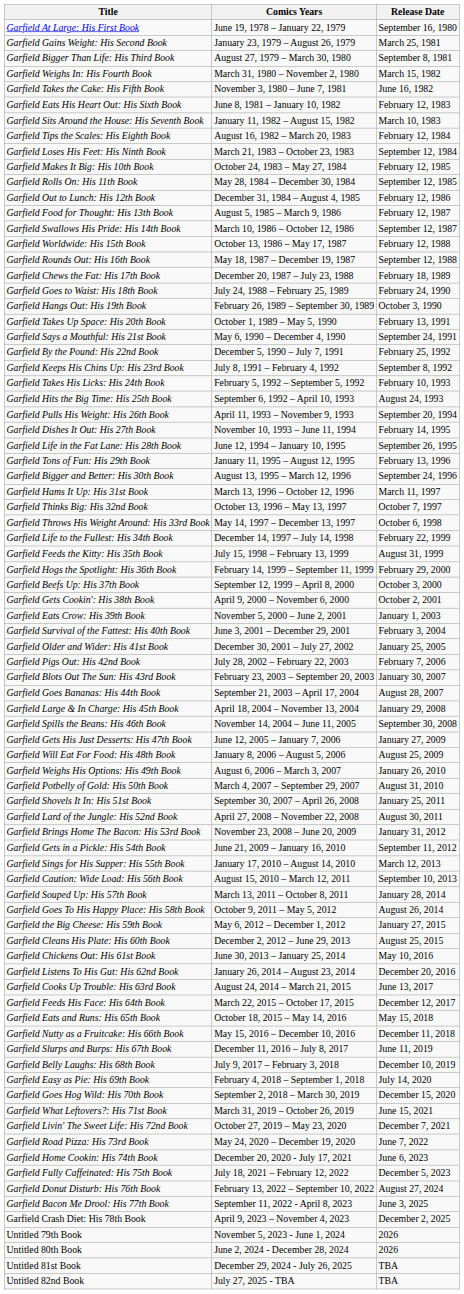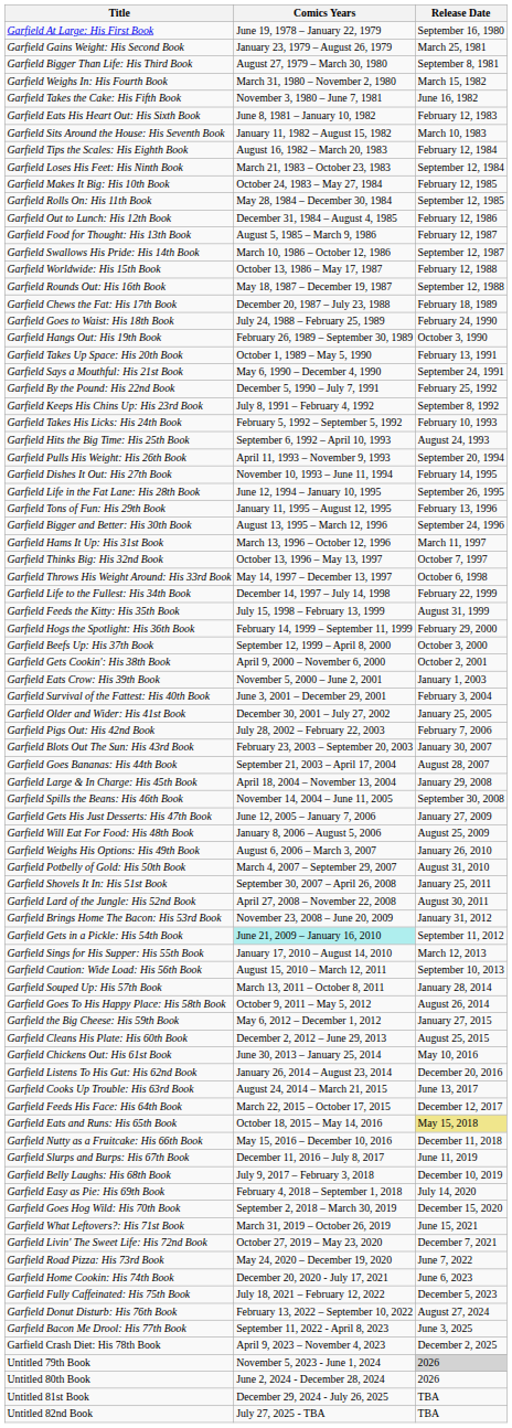 <table class="wikitable sortable">
 <tr>
 <th>Title</th>
 <th>Comics Years</th>
 <th>Release Date</th>
 </tr>
 <tr>
 <td><em><a href='#'>Garfield At Large: His First Book</a></em></td>
 <td>June 19, 1978 – January 22, 1979</td>
 <td>September 16, 1980</td>
 </tr>
 <tr>
 <td><em>Garfield Gains Weight: His Second Book</em></td>
 <td>January 23, 1979 – August 26, 1979</td>
 <td>March 25, 1981</td>
 </tr>
 <tr>
 <td><em>Garfield Bigger Than Life: His Third Book</em></td>
 <td>August 27, 1979 – March 30, 1980</td>
 <td>September 8, 1981</td>
 </tr>
 <tr>
 <td><em>Garfield Weighs In: His Fourth Book</em></td>
 <td>March 31, 1980 – November 2, 1980</td>
 <td>March 15, 1982</td>
 </tr>
 <tr>
 <td><em>Garfield Takes the Cake: His Fifth Book</em></td>
 <td>November 3, 1980 – June 7, 1981</td>
 <td>June 16, 1982</td>
 </tr>
 <tr>
 <td><em>Garfield Eats His Heart Out: His Sixth Book</em></td>
 <td>June 8, 1981 – January 10, 1982</td>
 <td>February 12, 1983</td>
 </tr>
 <tr>
 <td><em>Garfield Sits Around the House: His Seventh Book</em></td>
 <td>January 11, 1982 – August 15, 1982</td>
 <td>March 10, 1983</td>
 </tr>
 <tr>
 <td><em>Garfield Tips the Scales: His Eighth Book</em></td>
 <td>August 16, 1982 – March 20, 1983</td>
 <td>February 12, 1984</td>
 </tr>
 <tr>
 <td><em>Garfield Loses His Feet: His Ninth Book</em></td>
 <td>March 21, 1983 – October 23, 1983</td>
 <td>September 12, 1984</td>
 </tr>
 <tr>
 <td><em>Garfield Makes It Big: His 10th Book</em></td>
 <td>October 24, 1983 – May 27, 1984</td>
 <td>February 12, 1985</td>
 </tr>
 <tr>
 <td><em>Garfield Rolls On: His 11th Book</em></td>
 <td>May 28, 1984 – December 30, 1984</td>
 <td>September 12, 1985</td>
 </tr>
 <tr>
 <td><em>Garfield Out to Lunch: His 12th Book</em></td>
 <td>December 31, 1984 – August 4, 1985</td>
 <td>February 12, 1986</td>
 </tr>
 <tr>
 <td><em>Garfield Food for Thought: His 13th Book</em></td>
 <td>August 5, 1985 – March 9, 1986</td>
 <td>February 12, 1987</td>
 </tr>
 <tr>
 <td><em>Garfield Swallows His Pride: His 14th Book</em></td>
 <td>March 10, 1986 – October 12, 1986</td>
 <td>September 12, 1987</td>
 </tr>
 <tr>
 <td><em>Garfield Worldwide: His 15th Book</em></td>
 <td>October 13, 1986 – May 17, 1987</td>
 <td>February 12, 1988</td>
 </tr>
 <tr>
 <td><em>Garfield Rounds Out: His 16th Book</em></td>
 <td>May 18, 1987 – December 19, 1987</td>
 <td>September 12, 1988</td>
 </tr>
 <tr>
 <td><em>Garfield Chews the Fat: His 17th Book</em></td>
 <td>December 20, 1987 – July 23, 1988</td>
 <td>February 18, 1989</td>
 </tr>
 <tr>
 <td><em>Garfield Goes to Waist: His 18th Book</em></td>
 <td>July 24, 1988 – February 25, 1989</td>
 <td>February 24, 1990</td>
 </tr>
 <tr>
 <td><em>Garfield Hangs Out: His 19th Book</em></td>
 <td>February 26, 1989 – September 30, 1989</td>
 <td>October 3, 1990</td>
 </tr>
 <tr>
 <td><em>Garfield Takes Up Space: His 20th Book</em></td>
 <td>October 1, 1989 – May 5, 1990</td>
 <td>February 13, 1991</td>
 </tr>
 <tr>
 <td><em>Garfield Says a Mouthful: His 21st Book</em></td>
 <td>May 6, 1990 – December 4, 1990</td>
 <td>September 24, 1991</td>
 </tr>
 <tr>
 <td><em>Garfield By the Pound: His 22nd Book</em></td>
 <td>December 5, 1990 – July 7, 1991</td>
 <td>February 25, 1992</td>
 </tr>
 <tr>
 <td><em>Garfield Keeps His Chins Up: His 23rd Book</em></td>
 <td>July 8, 1991 – February 4, 1992</td>
 <td>September 8, 1992</td>
 </tr>
 <tr>
 <td><em>Garfield Takes His Licks: His 24th Book</em></td>
 <td>February 5, 1992 – September 5, 1992</td>
 <td>February 10, 1993</td>
 </tr>
 <tr>
 <td><em>Garfield Hits the Big Time: His 25th Book</em></td>
 <td>September 6, 1992 – April 10, 1993</td>
 <td>August 24, 1993</td>
 </tr>
 <tr>
 <td><em>Garfield Pulls His Weight: His 26th Book</em></td>
 <td>April 11, 1993 – November 9, 1993</td>
 <td>September 20, 1994</td>
 </tr>
 <tr>
 <td><em>Garfield Dishes It Out: His 27th Book</em></td>
 <td>November 10, 1993 – June 11, 1994</td>
 <td>February 14, 1995</td>
 </tr>
 <tr>
 <td><em>Garfield Life in the Fat Lane: His 28th Book</em></td>
 <td>June 12, 1994 – January 10, 1995</td>
 <td>September 26, 1995</td>
 </tr>
 <tr>
 <td><em>Garfield Tons of Fun: His 29th Book</em></td>
 <td>January 11, 1995 – August 12, 1995</td>
 <td>February 13, 1996</td>
 </tr>
 <tr>
 <td><em>Garfield Bigger and Better: His 30th Book</em></td>
 <td>August 13, 1995 – March 12, 1996</td>
 <td>September 24, 1996</td>
 </tr>
 <tr>
 <td><em>Garfield Hams It Up: His 31st Book</em></td>
 <td>March 13, 1996 – October 12, 1996</td>
 <td>March 11, 1997</td>
 </tr>
 <tr>
 <td><em>Garfield Thinks Big: His 32nd Book</em></td>
 <td>October 13, 1996 – May 13, 1997</td>
 <td>October 7, 1997</td>
 </tr>
 <tr>
 <td><em>Garfield Throws His Weight Around: His 33rd Book</em></td>
 <td>May 14, 1997 – December 13, 1997</td>
 <td>October 6, 1998</td>
 </tr>
 <tr>
 <td><em>Garfield Life to the Fullest: His 34th Book</em></td>
 <td>December 14, 1997 – July 14, 1998</td>
 <td>February 22, 1999</td>
 </tr>
 <tr>
 <td><em>Garfield Feeds the Kitty: His 35th Book</em></td>
 <td>July 15, 1998 – February 13, 1999</td>
 <td>August 31, 1999</td>
 </tr>
 <tr>
 <td><em>Garfield Hogs the Spotlight: His 36th Book</em></td>
 <td>February 14, 1999 – September 11, 1999</td>
 <td>February 29, 2000</td>
 </tr>
 <tr>
 <td><em>Garfield Beefs Up: His 37th Book</em></td>
 <td>September 12, 1999 – April 8, 2000</td>
 <td>October 3, 2000</td>
 </tr>
 <tr>
 <td><em>Garfield Gets Cookin': His 38th Book</em></td>
 <td>April 9, 2000 – November 6, 2000</td>
 <td>October 2, 2001</td>
 </tr>
 <tr>
 <td><em>Garfield Eats Crow: His 39th Book</em></td>
 <td>November 5, 2000 – June 2, 2001</td>
 <td>January 1, 2003</td>
 </tr>
 <tr>
 <td><em>Garfield Survival of the Fattest: His 40th Book</em></td>
 <td>June 3, 2001 – December 29, 2001</td>
 <td>February 3, 2004</td>
 </tr>
 <tr>
 <td><em>Garfield Older and Wider: His 41st Book</em></td>
 <td>December 30, 2001 – July 27, 2002</td>
 <td>January 25, 2005</td>
 </tr>
 <tr>
 <td><em>Garfield Pigs Out: His 42nd Book</em></td>
 <td>July 28, 2002 – February 22, 2003</td>
 <td>February 7, 2006</td>
 </tr>
 <tr>
 <td><em>Garfield Blots Out The Sun: His 43rd Book</em></td>
 <td>February 23, 2003 – September 20, 2003</td>
 <td>January 30, 2007</td>
 </tr>
 <tr>
 <td><em>Garfield Goes Bananas: His 44th Book</em></td>
 <td>September 21, 2003 – April 17, 2004</td>
 <td>August 28, 2007</td>
 </tr>
 <tr>
 <td><em>Garfield Large & In Charge: His 45th Book</em></td>
 <td>April 18, 2004 – November 13, 2004</td>
 <td>January 29, 2008</td>
 </tr>
 <tr>
 <td><em>Garfield Spills the Beans: His 46th Book</em></td>
 <td>November 14, 2004 – June 11, 2005</td>
 <td>September 30, 2008</td>
 </tr>
 <tr>
 <td><em>Garfield Gets His Just Desserts: His 47th Book</em></td>
 <td>June 12, 2005 – January 7, 2006</td>
 <td>January 27, 2009</td>
 </tr>
 <tr>
 <td><em>Garfield Will Eat For Food: His 48th Book</em></td>
 <td>January 8, 2006 – August 5, 2006</td>
 <td>August 25, 2009</td>
 </tr>
 <tr>
 <td><em>Garfield Weighs His Options: His 49th Book</em></td>
 <td>August 6, 2006 – March 3, 2007</td>
 <td>January 26, 2010</td>
 </tr>
 <tr>
 <td><em>Garfield Potbelly of Gold: His 50th Book</em></td>
 <td>March 4, 2007 – September 29, 2007</td>
 <td>August 31, 2010</td>
 </tr>
 <tr>
 <td><em>Garfield Shovels It In: His 51st Book</em></td>
 <td>September 30, 2007 – April 26, 2008</td>
 <td>January 25, 2011</td>
 </tr>
 <tr>
 <td><em>Garfield Lard of the Jungle: His 52nd Book</em></td>
 <td>April 27, 2008 – November 22, 2008</td>
 <td>August 30, 2011</td>
 </tr>
 <tr>
 <td><em>Garfield Brings Home The Bacon: His 53rd Book</em></td>
 <td>November 23, 2008 – June 20, 2009</td>
 <td>January 31, 2012</td>
 </tr>
 <tr>
 <td><em>Garfield Gets in a Pickle: His 54th Book</em></td>
-<td>June 21, 2009 – January 16, 2010</td>
+<td style="background: paleturquoise;">June 21, 2009 – January 16, 2010</td>
 <td>September 11, 2012</td>
 </tr>
 <tr>
 <td><em>Garfield Sings for His Supper: His 55th Book</em></td>
 <td>January 17, 2010 – August 14, 2010</td>
 <td>March 12, 2013</td>
 </tr>
 <tr>
 <td><em>Garfield Caution: Wide Load: His 56th Book</em></td>
 <td>August 15, 2010 – March 12, 2011</td>
 <td>September 10, 2013</td>
 </tr>
 <tr>
 <td><em>Garfield Souped Up: His 57th Book</em></td>
 <td>March 13, 2011 – October 8, 2011</td>
 <td>January 28, 2014</td>
 </tr>
 <tr>
 <td><em>Garfield Goes To His Happy Place: His 58th Book</em></td>
 <td>October 9, 2011 – May 5, 2012</td>
 <td>August 26, 2014</td>
 </tr>
 <tr>
 <td><em>Garfield the Big Cheese: His 59th Book</em></td>
 <td>May 6, 2012 – December 1, 2012</td>
 <td>January 27, 2015</td>
 </tr>
 <tr>
 <td><em>Garfield Cleans His Plate: His 60th Book</em></td>
 <td>December 2, 2012 – June 29, 2013</td>
 <td>August 25, 2015</td>
 </tr>
 <tr>
 <td><em>Garfield Chickens Out: His 61st Book</em></td>
 <td>June 30, 2013 – January 25, 2014</td>
 <td>May 10, 2016</td>
 </tr>
 <tr>
 <td><em>Garfield Listens To His Gut: His 62nd Book</em></td>
 <td>January 26, 2014 – August 23, 2014</td>
 <td>December 20, 2016</td>
 </tr>
 <tr>
 <td><em>Garfield Cooks Up Trouble: His 63rd Book</em></td>
 <td>August 24, 2014 – March 21, 2015</td>
 <td>June 13, 2017</td>
 </tr>
 <tr>
 <td><em>Garfield Feeds His Face: His 64th Book</em></td>
 <td>March 22, 2015 – October 17, 2015</td>
 <td>December 12, 2017</td>
 </tr>
 <tr>
 <td><em>Garfield Eats and Runs: His 65th Book</em></td>
 <td>October 18, 2015 – May 14, 2016</td>
-<td>May 15, 2018</td>
+<td style="background: khaki;">May 15, 2018</td>
 </tr>
 <tr>
 <td><em>Garfield Nutty as a Fruitcake: His 66th Book</em></td>
 <td>May 15, 2016 – December 10, 2016</td>
 <td>December 11, 2018</td>
 </tr>
 <tr>
 <td><em>Garfield Slurps and Burps: His 67th Book</em></td>
 <td>December 11, 2016 – July 8, 2017</td>
 <td>June 11, 2019</td>
 </tr>
 <tr>
 <td><em>Garfield Belly Laughs: His 68th Book</em></td>
 <td>July 9, 2017 – February 3, 2018</td>
 <td>December 10, 2019</td>
 </tr>
 <tr>
 <td><em>Garfield Easy as Pie: His 69th Book</em></td>
 <td>February 4, 2018 – September 1, 2018</td>
 <td>July 14, 2020</td>
 </tr>
 <tr>
 <td><em>Garfield Goes Hog Wild: His 70th Book</em></td>
 <td>September 2, 2018 – March 30, 2019</td>
 <td>December 15, 2020</td>
 </tr>
 <tr>
 <td><em>Garfield What Leftovers?: His 71st Book</em></td>
 <td>March 31, 2019 – October 26, 2019</td>
 <td>June 15, 2021</td>
 </tr>
 <tr>
 <td><em>Garfield Livin' The Sweet Life: His 72nd Book</em></td>
 <td>October 27, 2019 – May 23, 2020</td>
 <td>December 7, 2021</td>
 </tr>
 <tr>
 <td><em>Garfield Road Pizza: His 73rd Book</em></td>
 <td>May 24, 2020 – December 19, 2020</td>
 <td>June 7, 2022</td>
 </tr>
 <tr>
 <td><em>Garfield Home Cookin: His 74th Book</em></td>
 <td>December 20, 2020 - July 17, 2021</td>
 <td>June 6, 2023</td>
 </tr>
 <tr>
 <td><em>Garfield Fully Caffeinated: His 75th Book</em></td>
 <td>July 18, 2021 – February 12, 2022</td>
 <td>December 5, 2023</td>
 </tr>
 <tr>
 <td><em>Garfield Donut Disturb: His 76th Book</em></td>
 <td>February 13, 2022 – September 10, 2022</td>
 <td>August 27, 2024</td>
 </tr>
 <tr>
 <td><em>Garfield Bacon Me Drool: His 77th Book</em></td>
 <td>September 11, 2022 - April 8, 2023</td>
 <td>June 3, 2025</td>
 </tr>
 <tr>
 <td>Garfield Crash Diet: His 78th Book</td>
 <td>April 9, 2023 – November 4, 2023</td>
 <td>December 2, 2025</td>
 </tr>
 <tr>
 <td>Untitled 79th Book</td>
 <td>November 5, 2023 - June 1, 2024</td>
-<td>2026</td>
+<td style="background: lightgrey;">2026</td>
 </tr>
 <tr>
 <td>Untitled 80th Book</td>
 <td>June 2, 2024 - December 28, 2024</td>
 <td>2026</td>
 </tr>
 <tr>
 <td>Untitled 81st Book</td>
 <td>December 29, 2024 - July 26, 2025</td>
 <td>TBA</td>
 </tr>
 <tr>
 <td>Untitled 82nd Book</td>
 <td>July 27, 2025 - TBA</td>
 <td>TBA</td>
 </tr>
 </table>
